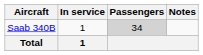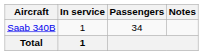 <table class="wikitable" style="margin:0.5em auto; text-align:center">
 <tr>
 <th>Aircraft</th>
 <th>In service</th>
 <th>Passengers</th>
 <th>Notes</th>
 </tr>
 <tr>
 <td><a href='#'>Saab 340B</a></td>
 <td>1</td>
-<td style="background: lightgrey;">34</td>
+<td>34</td>
 <td></td>
 </tr>
 <tr>
 <th>Total</th>
 <th>1</th>
 <th colspan=2></th>
 </tr>
 </table>
